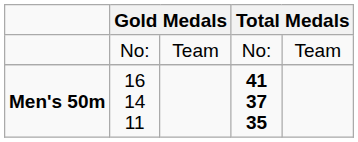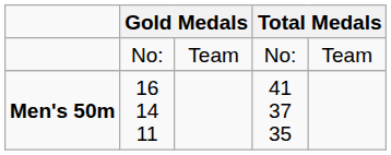 <table class="wikitable" style="text-align: center; font-size:95%;">
 <tr>
 <td></td>
 <th colspan=2>Gold Medals</th>
 <th colspan=2>Total Medals</th>
 </tr>
 <tr>
 <td></td>
 <td>No:</td>
 <td>Team</td>
 <td>No:</td>
 <td>Team</td>
 </tr>
 <tr>
 </tr>
 <tr>
 <td><strong>Men's 50m</strong></td>
 <td>16 <br> 14 <br> 11</td>
 <td align="left"> <br>  <br> </td>
-<td><strong>41 <br> 37 <br> 35</strong></td>
+<td>41 <br> 37 <br> 35</td>
 <td align="left"> <br> <br> </td>
 </tr>
 </table>
